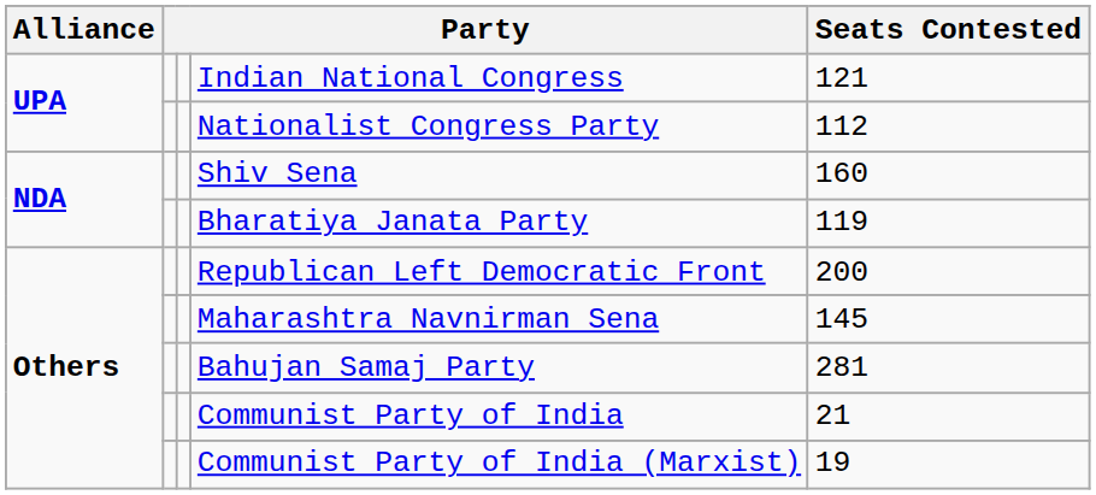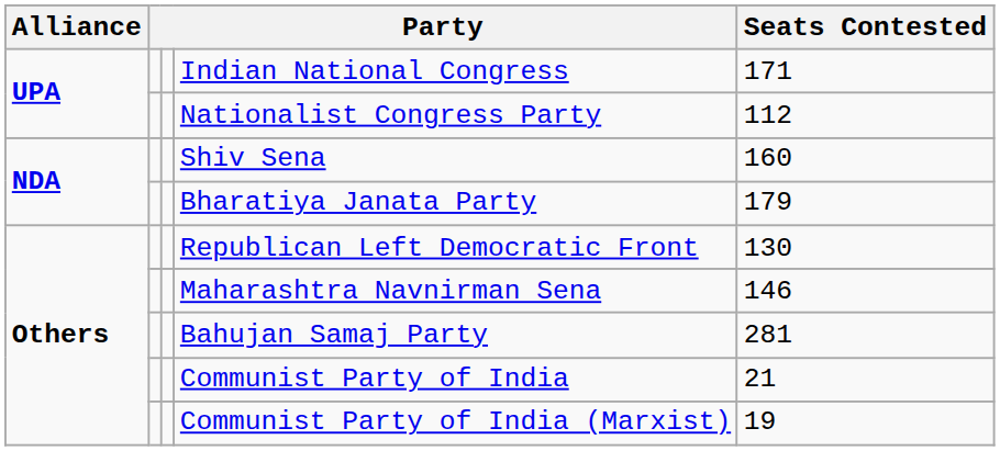 <table class="wikitable">
 <tr>
 <th>Alliance</th>
 <th colspan="3">Party</th>
 <th>Seats Contested</th>
 </tr>
 <tr>
 <td rowspan="2"><a href='#'><strong>UPA</strong></a></td>
 <td style="color:inherit;background-color: "></td>
 <td></td>
 <td><a href='#'>Indian National Congress</a></td>
-<td>121</td>
+<td>171</td>
 </tr>
 <tr>
 <td style="color:inherit;background-color: "></td>
 <td></td>
 <td><a href='#'>Nationalist Congress Party</a></td>
 <td>112</td>
 </tr>
 <tr>
 <td rowspan="2"><a href='#'><strong>NDA</strong></a></td>
 <td style="color:inherit;background-color:"></td>
 <td></td>
 <td><a href='#'>Shiv Sena</a></td>
 <td>160</td>
 </tr>
 <tr>
 <td style="color:inherit;background-color:"></td>
 <td></td>
 <td><a href='#'>Bharatiya Janata Party</a></td>
-<td>119</td>
+<td>179</td>
 </tr>
 <tr>
 <td rowspan="5"><strong>Others</strong></td>
 <td></td>
 <td></td>
 <td><a href='#'>Republican Left Democratic Front</a></td>
-<td>200</td>
+<td>130</td>
 </tr>
 <tr>
 <td></td>
 <td></td>
 <td><a href='#'>Maharashtra Navnirman Sena</a></td>
-<td>145</td>
+<td>146</td>
 </tr>
 <tr>
 <td></td>
 <td></td>
 <td><a href='#'>Bahujan Samaj Party</a></td>
 <td>281</td>
 </tr>
 <tr>
 <td></td>
 <td></td>
 <td><a href='#'>Communist Party of India</a></td>
 <td>21</td>
 </tr>
 <tr>
 <td></td>
 <td></td>
 <td><a href='#'>Communist Party of India (Marxist)</a></td>
 <td>19</td>
 </tr>
 </table>
